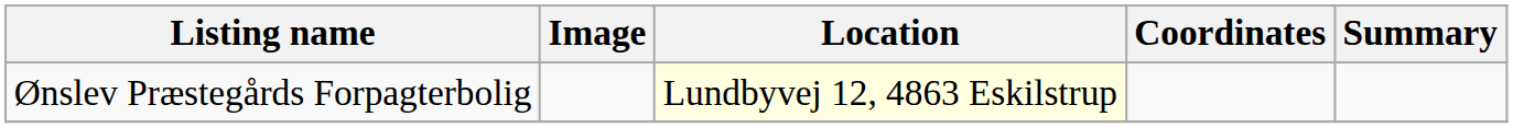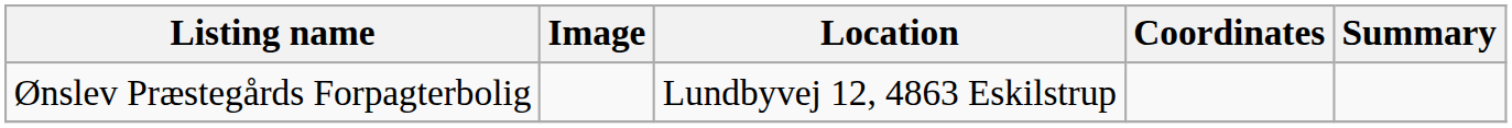 <table class="wikitable sortable">
 <tr>
 <th>Listing name</th>
 <th>Image</th>
 <th>Location</th>
 <th>Coordinates</th>
 <th>Summary</th>
 </tr>
 <tr>
 <td>Ønslev Præstegårds Forpagterbolig</td>
 <td></td>
-<td style="background: lightyellow;">Lundbyvej 12, 4863 Eskilstrup</td>
+<td>Lundbyvej 12, 4863 Eskilstrup</td>
 <td></td>
 <td></td>
 </tr>
 <tr>
 </tr>
 </table>
